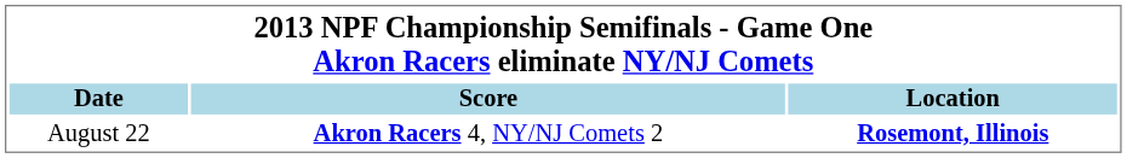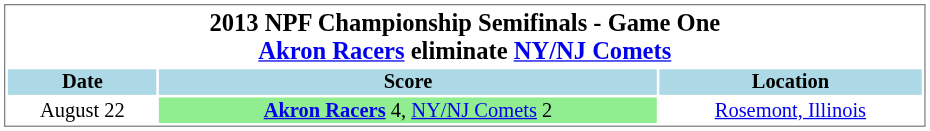 <table cellpadding="1"  style="min-width:45em;text-align:center;font-size:100%; border:1px solid gray;">
 <tr style="font-size:larger;">
 <th colspan=8>2013 NPF Championship Semifinals - Game One<br><strong><a href='#'>Akron Racers</a></strong> eliminate <a href='#'>NY/NJ Comets</a></th>
 </tr>
 <tr style="background:lightblue;">
 <th>Date</th>
 <th>Score</th>
 <th>Location</th>
 </tr>
 <tr>
 <td>August 22</td>
-<td><strong><a href='#'>Akron Racers</a></strong> 4, <a href='#'>NY/NJ Comets</a> 2</td>
-<td><strong><a href='#'>Rosemont, Illinois</a></strong></td>
+<td style="background: lightgreen;"><strong><a href='#'>Akron Racers</a></strong> 4, <a href='#'>NY/NJ Comets</a> 2</td>
+<td><a href='#'>Rosemont, Illinois</a></td>
 </tr>
 </table>
